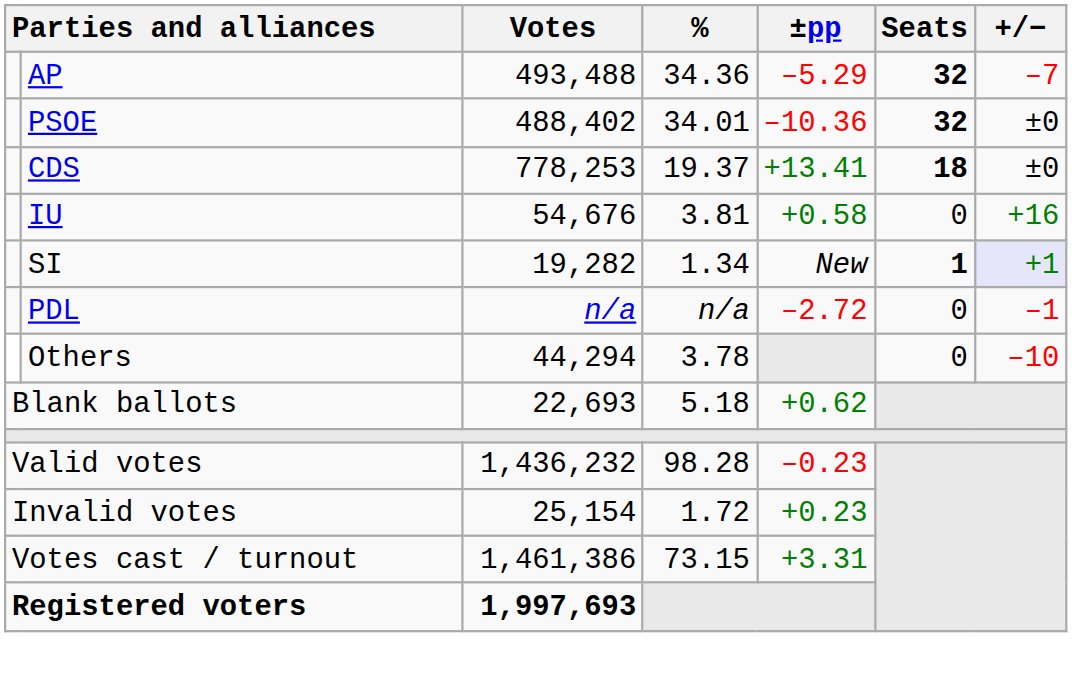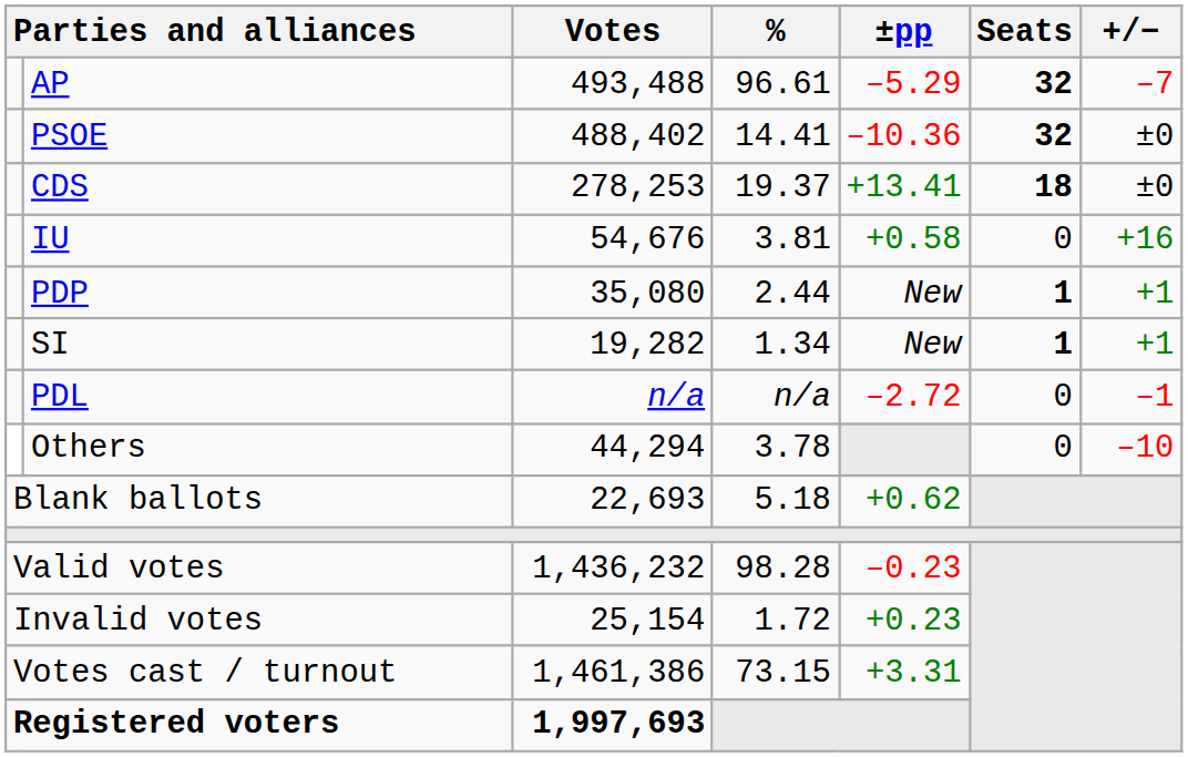 <table class="wikitable" style="text-align:right;">
 <tr>
 <th style="text-align:left;" colspan="2" width="200">Parties and alliances</th>
 <th width="75">Votes</th>
 <th width="45">%</th>
 <th width="45">±<a href='#'>pp</a></th>
 <th width="35">Seats</th>
 <th width="35">+/−</th>
 </tr>
 <tr>
 <td width="1" style="color:inherit;background:"></td>
 <td align="left"><a href='#'>AP</a></td>
 <td>493,488</td>
-<td>34.36</td>
+<td>96.61</td>
 <td style="color:red;">–5.29</td>
 <td><strong>32</strong></td>
 <td style="color:red;">–7</td>
 </tr>
 <tr>
 <td style="color:inherit;background:"></td>
 <td align="left"><a href='#'>PSOE</a></td>
 <td>488,402</td>
-<td>34.01</td>
+<td>14.41</td>
 <td style="color:red;">–10.36</td>
 <td><strong>32</strong></td>
 <td>±0</td>
 </tr>
 <tr>
 <td style="color:inherit;background:"></td>
 <td align="left"><a href='#'>CDS</a></td>
-<td>778,253</td>
+<td>278,253</td>
 <td>19.37</td>
 <td style="color:green;">+13.41</td>
 <td><strong>18</strong></td>
 <td>±0</td>
 </tr>
 <tr>
 <td style="color:inherit;background:"></td>
 <td align="left"><a href='#'>IU</a></td>
 <td>54,676</td>
 <td>3.81</td>
 <td style="color:green;">+0.58</td>
 <td>0</td>
 <td style="color:green;">+16</td>
 </tr>
 <tr>
 <td style="color:inherit;background:"></td>
+<td align="left"><a href='#'>PDP</a></td>
+<td>35,080</td>
+<td>2.44</td>
+<td><em>New</em></td>
+<td><strong>1</strong></td>
+<td style="color:green;">+1</td>
+</tr>
+<tr>
+<td style="color:inherit;background:"></td>
 <td align="left">SI</td>
 <td>19,282</td>
 <td>1.34</td>
 <td><em>New</em></td>
 <td><strong>1</strong></td>
-<td style="background: lavender; color:green;">+1</td>
+<td style="color:green;">+1</td>
 </tr>
 <tr>
 <td style="color:inherit;background:"></td>
 <td align="left"><a href='#'>PDL</a></td>
 <td><em><a href='#'>n/a</a></em></td>
 <td><em>n/a</em></td>
 <td style="color:red;">–2.72</td>
 <td>0</td>
 <td style="color:red;">–1</td>
 </tr>
 <tr>
 <td bgcolor="white"></td>
 <td align="left">Others</td>
 <td>44,294</td>
 <td>3.78</td>
 <td bgcolor="#E9E9E9"></td>
 <td>0</td>
 <td style="color:red;">–10</td>
 </tr>
 <tr>
 <td align="left" colspan="2">Blank ballots</td>
 <td>22,693</td>
 <td>5.18</td>
 <td style="color:green;">+0.62</td>
 <td bgcolor="#E9E9E9" colspan="2"></td>
 </tr>
 <tr>
 <td colspan="7" bgcolor="#E9E9E9"></td>
 </tr>
 <tr>
 <td align="left" colspan="2">Valid votes</td>
 <td>1,436,232</td>
 <td>98.28</td>
 <td style="color:red;">–0.23</td>
 <td bgcolor="#E9E9E9" colspan="2" rowspan="4"></td>
 </tr>
 <tr>
 <td align="left" colspan="2">Invalid votes</td>
 <td>25,154</td>
 <td>1.72</td>
 <td style="color:green;">+0.23</td>
 </tr>
 <tr>
 <td align="left" colspan="2">Votes cast / turnout</td>
 <td>1,461,386</td>
 <td>73.15</td>
 <td style="color:green;">+3.31</td>
 </tr>
 <tr style="font-weight:bold;">
 <td align="left" colspan="2">Registered voters</td>
 <td>1,997,693</td>
 <td bgcolor="#E9E9E9" colspan="2"></td>
 </tr>
 </table>
